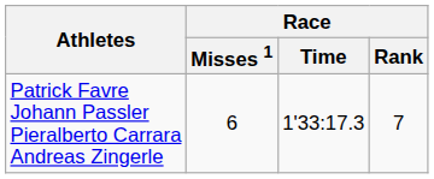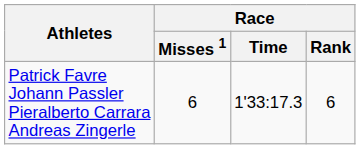 <table class="wikitable" border="1" style="font-size:90%">
 <tr>
 <th rowspan=2>Athletes</th>
 <th colspan=3>Race</th>
 </tr>
 <tr>
 <th>Misses <sup>1</sup></th>
 <th>Time</th>
 <th>Rank</th>
 </tr>
 <tr>
 <td><a href='#'>Patrick Favre</a><br><a href='#'>Johann Passler</a><br><a href='#'>Pieralberto Carrara</a><br><a href='#'>Andreas Zingerle</a></td>
 <td align=center>6</td>
 <td align=center>1'33:17.3</td>
-<td align=center>7</td>
+<td align=center>6</td>
 </tr>
 </table>
